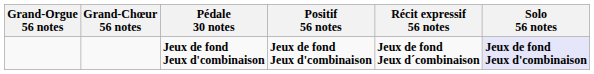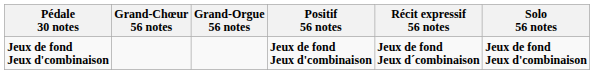 <table class="wikitable">
 <tr>
+<th>Pédale<br>30 notes</th>
+<th>Grand-Chœur<br>56 notes</th>
 <th>Grand-Orgue<br>56 notes</th>
-<th>Grand-Chœur<br>56 notes</th>
-<th>Pédale<br>30 notes</th>
 <th>Positif<br>56 notes</th>
 <th>Récit expressif<br>56 notes</th>
 <th>Solo<br>56 notes</th>
 </tr>
 <tr>
+<td><strong>Jeux de fond</strong><br><strong>Jeux d'combinaison</strong> </td>
 <td></td>
 <td></td>
 <td><strong>Jeux de fond</strong><br><strong>Jeux d'combinaison</strong> </td>
+<td><strong>Jeux de fond</strong><br><strong>Jeux d´combinaison</strong> </td>
 <td><strong>Jeux de fond</strong><br><strong>Jeux d'combinaison</strong> </td>
-<td><strong>Jeux de fond</strong><br><strong>Jeux d´combinaison</strong> </td>
-<td style="background: lavender;"><strong>Jeux de fond</strong><br><strong>Jeux d'combinaison</strong> </td>
 </tr>
 </table>
